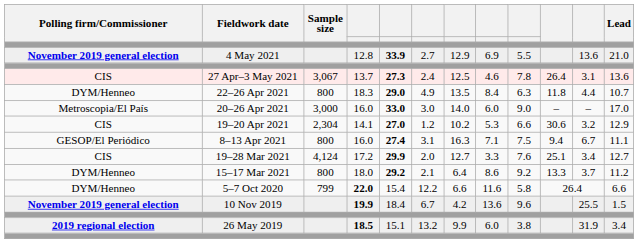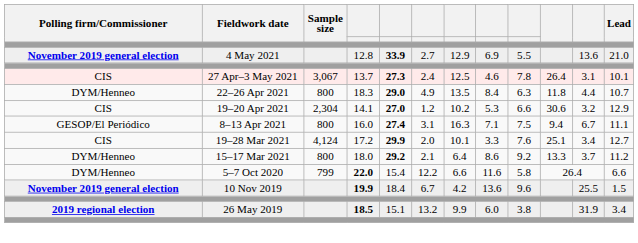 <table class="wikitable collapsible collapsed" style="text-align:center; font-size:90%; line-height:14px;">
 <tr style="height:42px;">
 <th style="width:250px;" rowspan="2">Polling firm/Commissioner</th>
 <th style="width:125px;" rowspan="2">Fieldwork date</th>
 <th style="width:50px;" rowspan="2">Sample size</th>
 <th style="width:35px;"></th>
 <th style="width:35px;"></th>
 <th style="width:35px;"></th>
 <th style="width:35px;"></th>
 <th style="width:35px;"></th>
 <th style="width:35px;"></th>
 <th style="width:35px;" rowspan="2"></th>
 <th style="width:35px;" rowspan="2"></th>
 <th style="width:30px;" rowspan="2">Lead</th>
 </tr>
 <tr>
 <th style="color:inherit;background:"></th>
 <th style="color:inherit;background:"></th>
 <th style="color:inherit;background:"></th>
 <th style="color:inherit;background:"></th>
 <th style="color:inherit;background:"></th>
 <th style="color:inherit;background:"></th>
 </tr>
 <tr>
 <td colspan="12" style="background:#A0A0A0"></td>
 </tr>
 <tr style="background:#EFEFEF;">
 <td><strong><a href='#'>November 2019 general election</a></strong></td>
 <td>4 May 2021</td>
 <td></td>
 <td>12.8</td>
 <td><strong>33.9</strong></td>
 <td>2.7</td>
 <td>12.9</td>
 <td>6.9</td>
 <td>5.5</td>
 <td></td>
 <td>13.6</td>
 <td style="background:">21.0</td>
 </tr>
 <tr>
 <td colspan="12" style="background:#A0A0A0"></td>
 </tr>
 <tr style="background:#FFEAEA;">
 <td>CIS</td>
 <td>27 Apr–3 May 2021</td>
 <td>3,067</td>
 <td>13.7</td>
 <td><strong>27.3</strong></td>
 <td>2.4</td>
 <td>12.5</td>
 <td>4.6</td>
 <td>7.8</td>
 <td>26.4</td>
 <td>3.1</td>
-<td style="background:">13.6</td>
+<td style="background:">10.1</td>
 </tr>
 <tr>
 <td>DYM/Henneo</td>
 <td>22–26 Apr 2021</td>
 <td>800</td>
 <td>18.3</td>
 <td><strong>29.0</strong></td>
 <td>4.9</td>
 <td>13.5</td>
 <td>8.4</td>
 <td>6.3</td>
 <td>11.8</td>
 <td>4.4</td>
 <td style="background:">10.7</td>
-</tr>
-<tr>
-<td>Metroscopia/El País</td>
-<td>20–26 Apr 2021</td>
-<td>3,000</td>
-<td>16.0</td>
-<td><strong>33.0</strong></td>
-<td>3.0</td>
-<td>14.0</td>
-<td>6.0</td>
-<td>9.0</td>
-<td>–</td>
-<td>–</td>
-<td style="background:">17.0</td>
 </tr>
 <tr>
 <td>CIS</td>
 <td>19–20 Apr 2021</td>
 <td>2,304</td>
 <td>14.1</td>
 <td><strong>27.0</strong></td>
 <td>1.2</td>
 <td>10.2</td>
 <td>5.3</td>
 <td>6.6</td>
 <td>30.6</td>
 <td>3.2</td>
 <td style="background:">12.9</td>
 </tr>
 <tr>
 <td>GESOP/El Periódico</td>
 <td>8–13 Apr 2021</td>
 <td>800</td>
 <td>16.0</td>
 <td><strong>27.4</strong></td>
 <td>3.1</td>
 <td>16.3</td>
 <td>7.1</td>
 <td>7.5</td>
 <td>9.4</td>
 <td>6.7</td>
 <td style="background:">11.1</td>
 </tr>
 <tr>
 <td>CIS</td>
 <td>19–28 Mar 2021</td>
 <td>4,124</td>
 <td>17.2</td>
 <td><strong>29.9</strong></td>
 <td>2.0</td>
-<td>12.7</td>
+<td>10.1</td>
 <td>3.3</td>
 <td>7.6</td>
 <td>25.1</td>
 <td>3.4</td>
 <td style="background:">12.7</td>
 </tr>
 <tr>
 <td>DYM/Henneo</td>
 <td>15–17 Mar 2021</td>
 <td>800</td>
 <td>18.0</td>
 <td><strong>29.2</strong></td>
 <td>2.1</td>
 <td>6.4</td>
 <td>8.6</td>
 <td>9.2</td>
 <td>13.3</td>
 <td>3.7</td>
 <td style="background:">11.2</td>
 </tr>
 <tr>
 <td>DYM/Henneo</td>
 <td>5–7 Oct 2020</td>
 <td>799</td>
 <td><strong>22.0</strong></td>
 <td>15.4</td>
 <td>12.2</td>
 <td>6.6</td>
 <td>11.6</td>
 <td>5.8</td>
 <td colspan="2">26.4</td>
 <td style="background:">6.6</td>
 </tr>
 <tr style="background:#EFEFEF;">
 <td><strong><a href='#'>November 2019 general election</a></strong></td>
 <td>10 Nov 2019</td>
 <td></td>
 <td><strong>19.9</strong></td>
 <td>18.4</td>
 <td>6.7</td>
 <td>4.2</td>
 <td>13.6</td>
 <td>9.6</td>
 <td></td>
 <td>25.5</td>
 <td style="background:">1.5</td>
 </tr>
 <tr>
 <td colspan="12" style="background:#A0A0A0"></td>
 </tr>
 <tr style="background:#EFEFEF;">
 <td><strong><a href='#'>2019 regional election</a></strong></td>
 <td>26 May 2019</td>
 <td></td>
 <td><strong>18.5</strong></td>
 <td>15.1</td>
 <td>13.2</td>
 <td>9.9</td>
 <td>6.0</td>
 <td>3.8</td>
 <td></td>
 <td>31.9</td>
 <td style="background:">3.4</td>
 </tr>
 <tr>
 <td colspan="12" style="background:#A0A0A0"></td>
 </tr>
 </table>
